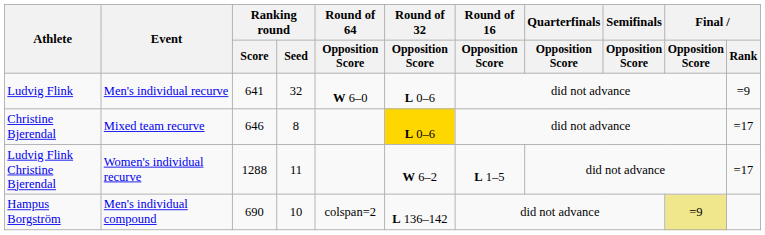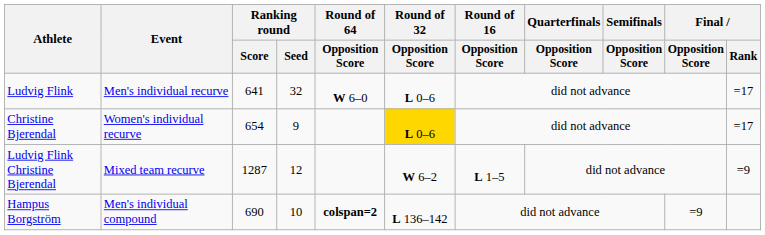 <table class="wikitable" style="font-size:90%">
 <tr>
 <th rowspan="2">Athlete</th>
 <th rowspan="2">Event</th>
 <th colspan="2">Ranking round</th>
 <th>Round of 64</th>
 <th>Round of 32</th>
 <th>Round of 16</th>
 <th>Quarterfinals</th>
 <th>Semifinals</th>
 <th colspan="2">Final / </th>
 </tr>
 <tr style="font-size:95%">
 <th>Score</th>
 <th>Seed</th>
 <th>Opposition<br>Score</th>
 <th>Opposition<br>Score</th>
 <th>Opposition<br>Score</th>
 <th>Opposition<br>Score</th>
 <th>Opposition<br>Score</th>
 <th>Opposition<br>Score</th>
 <th>Rank</th>
 </tr>
 <tr align=center>
 <td align=left><a href='#'>Ludvig Flink</a></td>
 <td align=left><a href='#'>Men's individual recurve</a></td>
 <td>641</td>
 <td>32</td>
 <td><br><strong>W</strong> 6–0</td>
 <td><br><strong>L</strong> 0–6</td>
 <td colspan=4>did not advance</td>
-<td>=9</td>
+<td>=17</td>
 </tr>
 <tr align=center>
 <td align=left><a href='#'>Christine Bjerendal</a></td>
-<td align=left><a href='#'>Mixed team recurve</a></td>
-<td>646</td>
-<td>8</td>
+<td align=left><a href='#'>Women's individual recurve</a></td>
+<td>654</td>
+<td>9</td>
 <td></td>
 <td style="background: gold;"><br><strong>L</strong> 0–6</td>
 <td colspan=4>did not advance</td>
 <td>=17</td>
 </tr>
 <tr align=center>
 <td align=left><a href='#'>Ludvig Flink</a><br><a href='#'>Christine Bjerendal</a></td>
-<td align=left><a href='#'>Women's individual recurve</a></td>
-<td>1288</td>
-<td>11</td>
+<td align=left><a href='#'>Mixed team recurve</a></td>
+<td>1287</td>
+<td>12</td>
 <td></td>
 <td><br><strong>W</strong> 6–2</td>
 <td><br><strong>L</strong> 1–5</td>
 <td colspan=3>did not advance</td>
-<td>=17</td>
+<td>=9</td>
 </tr>
 <tr align=center>
 <td align=left><a href='#'>Hampus Borgström</a></td>
 <td align=left><a href='#'>Men's individual compound</a></td>
 <td>690</td>
 <td>10</td>
-<td>colspan=2 </td>
+<td><strong>colspan=2 </strong></td>
 <td><br><strong>L</strong> 136–142</td>
 <td colspan=3>did not advance</td>
-<td style="background: khaki;">=9</td>
+<td>=9</td>
 </tr>
 </table>
